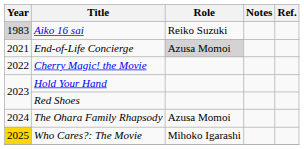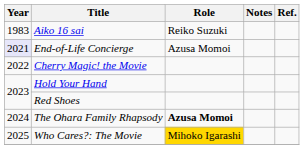 <table class="wikitable">
 <tr>
 <th>Year</th>
 <th>Title</th>
 <th>Role</th>
 <th>Notes</th>
 <th>Ref.</th>
 </tr>
 <tr>
-<td style="background: lightgrey;">1983</td>
+<td>1983</td>
 <td><em><a href='#'>Aiko 16 sai</a></em></td>
 <td>Reiko Suzuki</td>
 <td></td>
 <td></td>
 </tr>
 <tr>
-<td>2021</td>
+<td style="background: lavender;">2021</td>
 <td><em>End-of-Life Concierge</em></td>
-<td style="background: lightgrey;">Azusa Momoi</td>
+<td>Azusa Momoi</td>
 <td></td>
 <td></td>
 </tr>
 <tr>
 <td>2022</td>
 <td><em><a href='#'>Cherry Magic! the Movie</a></em></td>
 <td></td>
 <td></td>
 <td></td>
 </tr>
 <tr>
 <td rowspan=2>2023</td>
 <td><em><a href='#'>Hold Your Hand</a></em></td>
 <td></td>
 <td></td>
 <td></td>
 </tr>
 <tr>
 <td><em>Red Shoes</em></td>
 <td></td>
 <td></td>
 <td></td>
 </tr>
 <tr>
 <td>2024</td>
 <td><em>The Ohara Family Rhapsody</em></td>
-<td>Azusa Momoi</td>
+<td><strong>Azusa Momoi</strong></td>
 <td></td>
 <td></td>
 </tr>
 <tr>
-<td style="background: gold;">2025</td>
+<td>2025</td>
 <td><em>Who Cares?: The Movie</em></td>
-<td>Mihoko Igarashi</td>
+<td style="background: gold;">Mihoko Igarashi</td>
 <td></td>
 <td></td>
 </tr>
 <tr>
 </tr>
 </table>
